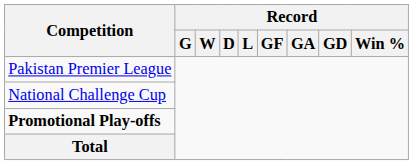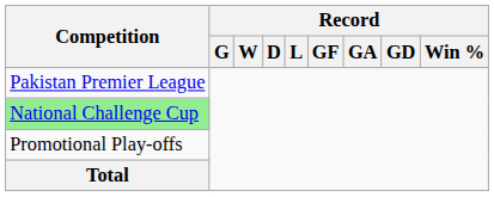 <table class="wikitable" style="text-align: center">
 <tr>
 <th rowspan="2">Competition</th>
 <th colspan="9">Record</th>
 </tr>
 <tr>
 <th>G</th>
 <th>W</th>
 <th>D</th>
 <th>L</th>
 <th>GF</th>
 <th>GA</th>
 <th>GD</th>
 <th>Win %</th>
 </tr>
 <tr>
 <td style="text-align: left"><a href='#'>Pakistan Premier League</a><br></td>
 </tr>
 <tr>
-<td style="text-align: left"><a href='#'>National Challenge Cup</a><br></td>
+<td style="background: lightgreen; text-align: left"><a href='#'>National Challenge Cup</a><br></td>
 </tr>
 <tr>
-<td style="text-align: left"><strong>Promotional Play-offs<br></strong></td>
+<td style="text-align: left">Promotional Play-offs<br></td>
 </tr>
 <tr>
 <th>Total<br></th>
 </tr>
 </table>
